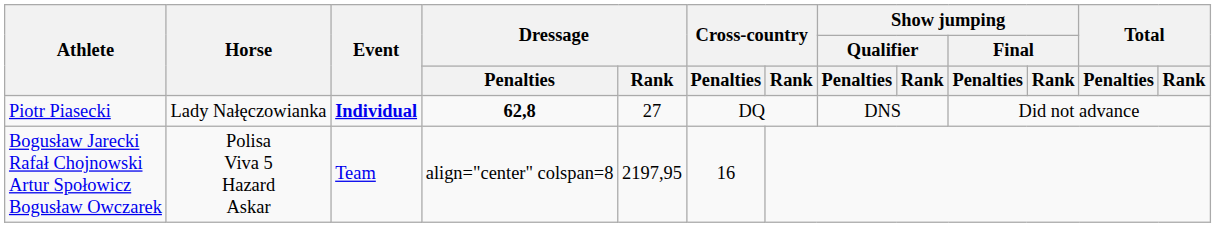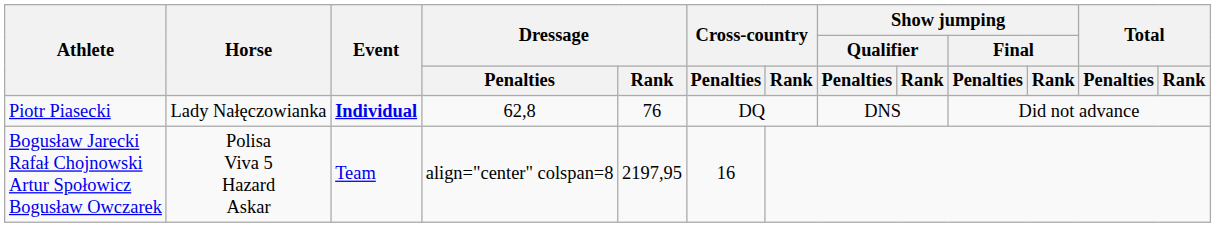 <table class=wikitable style="font-size:90%">
 <tr>
 <th rowspan="3">Athlete</th>
 <th rowspan="3">Horse</th>
 <th rowspan="3">Event</th>
 <th colspan="2" rowspan="2">Dressage</th>
 <th colspan="2" rowspan="2">Cross-country</th>
 <th colspan="4">Show jumping</th>
 <th colspan="2" rowspan="2">Total</th>
 </tr>
 <tr>
 <th colspan="2">Qualifier</th>
 <th colspan="2">Final</th>
 </tr>
 <tr>
 <th>Penalties</th>
 <th>Rank</th>
 <th>Penalties</th>
 <th>Rank</th>
 <th>Penalties</th>
 <th>Rank</th>
 <th>Penalties</th>
 <th>Rank</th>
 <th>Penalties</th>
 <th>Rank</th>
 </tr>
 <tr>
 <td><a href='#'>Piotr Piasecki</a></td>
 <td align="center">Lady Nałęczowianka</td>
 <td><strong><a href='#'>Individual</a></strong></td>
-<td align="center"><strong>62,8</strong></td>
-<td align="center">27</td>
+<td align="center">62,8</td>
+<td align="center">76</td>
 <td colspan="2" align="center">DQ</td>
 <td colspan="2" align="center">DNS</td>
 <td align=center colspan=4>Did not advance</td>
 </tr>
 <tr>
 <td><a href='#'>Bogusław Jarecki</a><br><a href='#'>Rafał Chojnowski</a><br><a href='#'>Artur Społowicz</a><br><a href='#'>Bogusław Owczarek</a></td>
 <td align="center">Polisa<br>Viva 5<br>Hazard<br>Askar</td>
 <td><a href='#'>Team</a></td>
 <td>align="center" colspan=8 </td>
 <td align="center">2197,95</td>
 <td align="center">16</td>
 </tr>
 </table>
